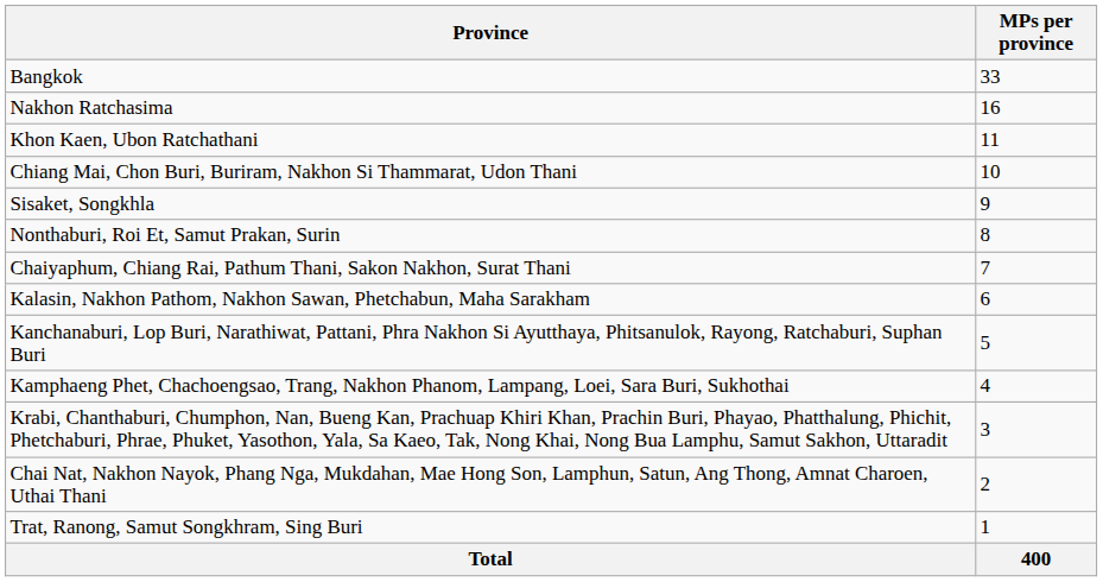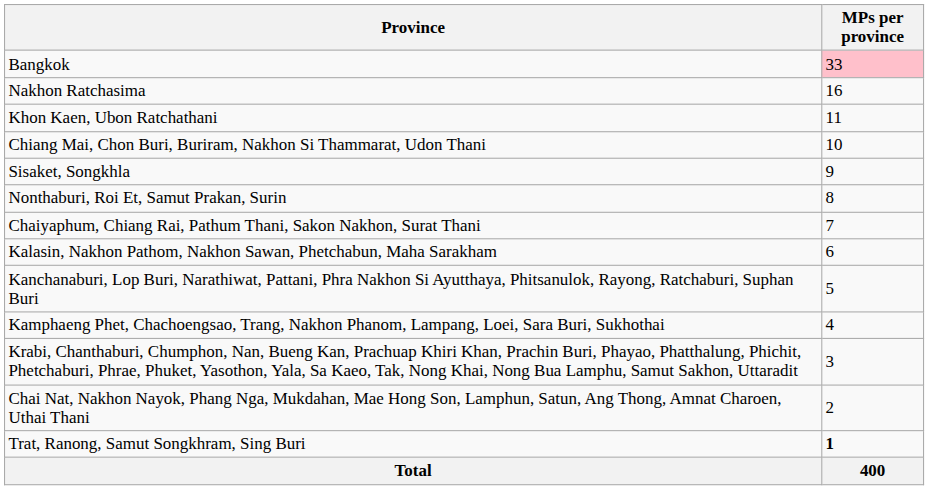 <table class="wikitable">
 <tr>
 <th>Province</th>
 <th>MPs per province</th>
 </tr>
 <tr>
 <td>Bangkok</td>
-<td>33</td>
+<td style="background: pink;">33</td>
 </tr>
 <tr>
 <td>Nakhon Ratchasima</td>
 <td>16</td>
 </tr>
 <tr>
 <td>Khon Kaen, Ubon Ratchathani</td>
 <td>11</td>
 </tr>
 <tr>
 <td>Chiang Mai, Chon Buri, Buriram, Nakhon Si Thammarat, Udon Thani</td>
 <td>10</td>
 </tr>
 <tr>
 <td>Sisaket, Songkhla</td>
 <td>9</td>
 </tr>
 <tr>
 <td>Nonthaburi, Roi Et, Samut Prakan, Surin</td>
 <td>8</td>
 </tr>
 <tr>
 <td>Chaiyaphum, Chiang Rai, Pathum Thani, Sakon Nakhon, Surat Thani</td>
 <td>7</td>
 </tr>
 <tr>
 <td>Kalasin, Nakhon Pathom, Nakhon Sawan, Phetchabun, Maha Sarakham</td>
 <td>6</td>
 </tr>
 <tr>
 <td>Kanchanaburi, Lop Buri, Narathiwat, Pattani, Phra Nakhon Si Ayutthaya, Phitsanulok, Rayong, Ratchaburi, Suphan Buri</td>
 <td>5</td>
 </tr>
 <tr>
 <td>Kamphaeng Phet, Chachoengsao, Trang, Nakhon Phanom, Lampang, Loei, Sara Buri, Sukhothai</td>
 <td>4</td>
 </tr>
 <tr>
 <td>Krabi, Chanthaburi, Chumphon, Nan, Bueng Kan, Prachuap Khiri Khan, Prachin Buri, Phayao, Phatthalung, Phichit, Phetchaburi, Phrae, Phuket, Yasothon, Yala, Sa Kaeo, Tak, Nong Khai, Nong Bua Lamphu, Samut Sakhon, Uttaradit</td>
 <td>3</td>
 </tr>
 <tr>
 <td>Chai Nat, Nakhon Nayok, Phang Nga, Mukdahan, Mae Hong Son, Lamphun, Satun, Ang Thong, Amnat Charoen, Uthai Thani</td>
 <td>2</td>
 </tr>
 <tr>
 <td>Trat, Ranong, Samut Songkhram, Sing Buri</td>
-<td>1</td>
+<td><strong>1</strong></td>
 </tr>
 <tr>
 <th><strong>Total</strong></th>
 <th><strong>400</strong></th>
 </tr>
 </table>
